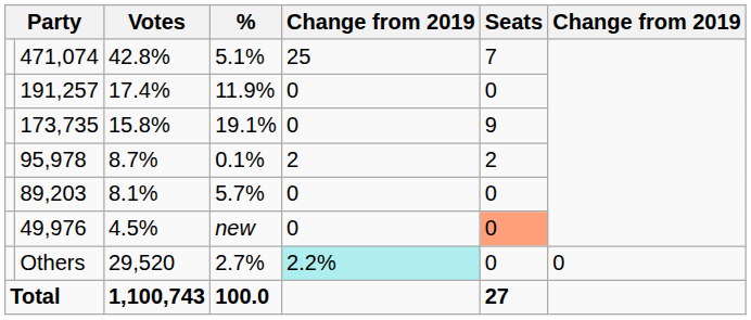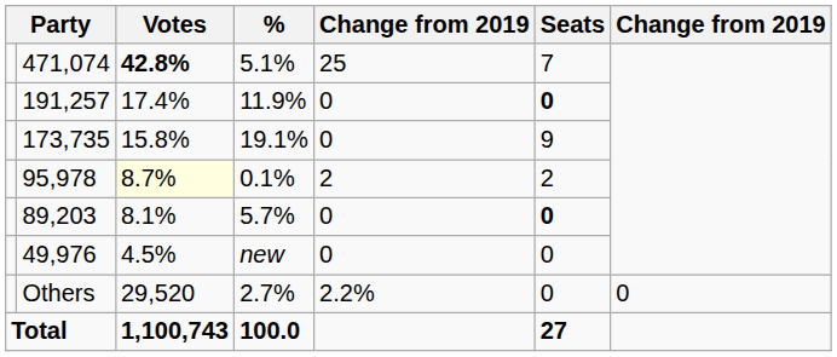 <table class="wikitable">
 <tr>
 <th colspan=2>Party</th>
 <th>Votes</th>
 <th>%</th>
 <th>Change from 2019</th>
 <th>Seats</th>
 <th>Change from 2019</th>
 </tr>
 <tr>
 <td></td>
 <td>471,074</td>
-<td>42.8%</td>
+<td><strong>42.8%</strong></td>
 <td>5.1%</td>
 <td>25</td>
 <td>7</td>
 </tr>
 <tr>
 <td></td>
 <td>191,257</td>
 <td>17.4%</td>
 <td>11.9%</td>
 <td>0</td>
-<td>0</td>
+<td><strong>0</strong></td>
 </tr>
 <tr>
 <td></td>
 <td>173,735</td>
 <td>15.8%</td>
 <td>19.1%</td>
 <td>0</td>
 <td>9</td>
 </tr>
 <tr>
 <td></td>
 <td>95,978</td>
-<td>8.7%</td>
+<td style="background: lightyellow;">8.7%</td>
 <td>0.1%</td>
 <td>2</td>
 <td>2</td>
 </tr>
 <tr>
 <td></td>
 <td>89,203</td>
 <td>8.1%</td>
 <td>5.7%</td>
 <td>0</td>
-<td>0</td>
+<td><strong>0</strong></td>
 </tr>
 <tr>
 <td></td>
 <td>49,976</td>
 <td>4.5%</td>
 <td><em>new</em></td>
 <td>0</td>
-<td style="background: lightsalmon;">0</td>
+<td>0</td>
 </tr>
 <tr>
 <td></td>
 <td>Others</td>
 <td>29,520</td>
 <td>2.7%</td>
-<td style="background: paleturquoise;">2.2%</td>
+<td>2.2%</td>
 <td>0</td>
 <td>0</td>
 </tr>
 <tr>
 <td colspan=2><strong>Total</strong></td>
 <td><strong>1,100,743</strong></td>
 <td><strong>100.0</strong></td>
 <td></td>
 <td><strong>27</strong></td>
 <td></td>
 </tr>
 </table>
